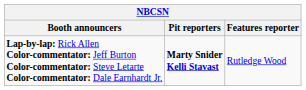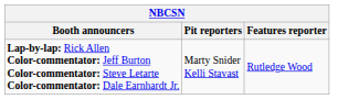 <table class="wikitable" style="font-size: 95%">
 <tr>
 <th colspan="3"><a href='#'>NBCSN</a></th>
 </tr>
 <tr>
 <th>Booth announcers</th>
 <th>Pit reporters</th>
 <th>Features reporter</th>
 </tr>
 <tr>
 <td><strong>Lap-by-lap:</strong> <a href='#'>Rick Allen</a><br><strong>Color-commentator:</strong> <a href='#'>Jeff Burton</a><br><strong>Color-commentator:</strong> <a href='#'>Steve Letarte</a><br><strong>Color-commentator:</strong> <a href='#'>Dale Earnhardt Jr.</a></td>
-<td><strong>Marty Snider<br><a href='#'>Kelli Stavast</a></strong></td>
+<td>Marty Snider<br><a href='#'>Kelli Stavast</a></td>
 <td><a href='#'>Rutledge Wood</a></td>
 </tr>
 </table>
